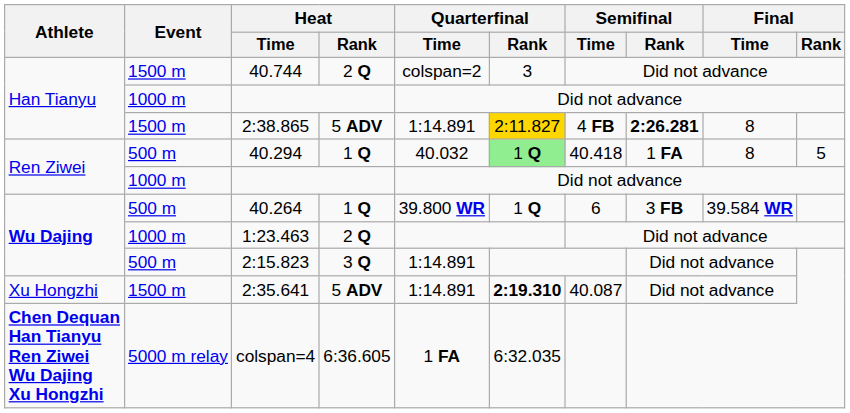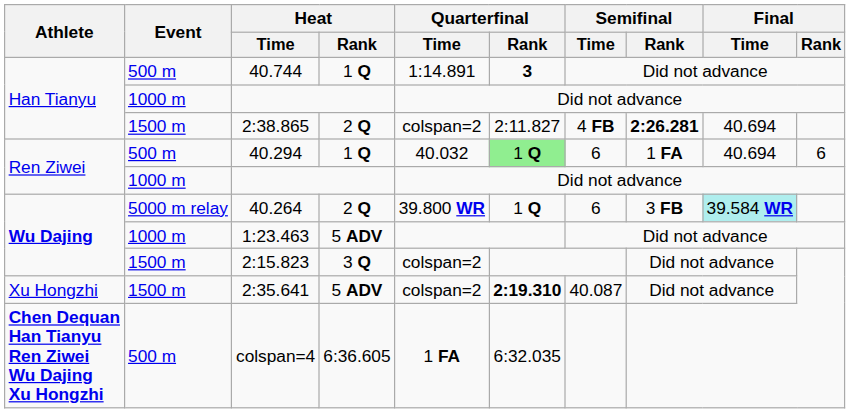 <table class="wikitable" style="font-size:90%">
 <tr>
 <th rowspan=2>Athlete</th>
 <th rowspan=2>Event</th>
 <th colspan=2>Heat</th>
 <th colspan=2>Quarterfinal</th>
 <th colspan=2>Semifinal</th>
 <th colspan=2>Final</th>
 </tr>
 <tr style="font-size:95%">
 <th>Time</th>
 <th>Rank</th>
 <th>Time</th>
 <th>Rank</th>
 <th>Time</th>
 <th>Rank</th>
 <th>Time</th>
 <th>Rank</th>
 </tr>
 <tr align=center>
 <td align=left rowspan=3><a href='#'>Han Tianyu</a></td>
-<td align=left><a href='#'>1500 m</a></td>
+<td align=left><a href='#'>500 m</a></td>
 <td>40.744</td>
-<td>2 <strong>Q</strong></td>
-<td>colspan=2 </td>
-<td>3</td>
+<td>1 <strong>Q</strong></td>
+<td>1:14.891</td>
+<td><strong>3</strong></td>
 <td colspan=4>Did not advance</td>
 </tr>
 <tr align=center>
 <td align=left><a href='#'>1000 m</a></td>
 <td colspan=2></td>
 <td colspan=6>Did not advance</td>
 </tr>
 <tr align=center>
 <td align=left><a href='#'>1500 m</a></td>
 <td>2:38.865</td>
-<td>5 <strong>ADV</strong></td>
-<td>1:14.891</td>
-<td style="background: gold;">2:11.827</td>
+<td>2 <strong>Q</strong></td>
+<td>colspan=2 </td>
+<td>2:11.827</td>
 <td>4 <strong>FB</strong></td>
 <td><strong>2:26.281</strong></td>
-<td>8</td>
+<td>40.694</td>
 </tr>
 <tr align=center>
 <td align=left rowspan=2><a href='#'>Ren Ziwei</a></td>
 <td align=left><a href='#'>500 m</a></td>
 <td>40.294</td>
 <td>1 <strong>Q</strong></td>
 <td>40.032 </td>
 <td style="background: lightgreen;">1 <strong>Q</strong></td>
-<td>40.418</td>
+<td>6</td>
 <td>1 <strong>FA</strong></td>
-<td>8</td>
-<td>5</td>
+<td>40.694</td>
+<td>6</td>
 </tr>
 <tr align=center>
 <td align=left><a href='#'>1000 m</a></td>
 <td colspan=2></td>
 <td colspan=6>Did not advance</td>
 </tr>
 <tr align=center>
 <td align=left rowspan=3><strong><a href='#'>Wu Dajing</a></strong></td>
-<td align=left><a href='#'>500 m</a></td>
+<td align=left><a href='#'>5000 m relay</a></td>
 <td>40.264 </td>
-<td>1 <strong>Q</strong></td>
+<td>2 <strong>Q</strong></td>
 <td>39.800 <strong><a href='#'>WR</a></strong></td>
 <td>1 <strong>Q</strong></td>
 <td>6</td>
 <td>3 <strong>FB</strong></td>
-<td>39.584 <strong><a href='#'>WR</a></strong></td>
+<td style="background: paleturquoise;">39.584 <strong><a href='#'>WR</a></strong></td>
 <td></td>
 </tr>
 <tr align=center>
 <td align=left><a href='#'>1000 m</a></td>
 <td>1:23.463</td>
-<td>2 <strong>Q</strong></td>
+<td>5 <strong>ADV</strong></td>
 <td colspan=2></td>
 <td colspan=4>Did not advance</td>
 </tr>
 <tr align=center>
-<td align=left><a href='#'>500 m</a></td>
+<td align=left><a href='#'>1500 m</a></td>
 <td>2:15.823</td>
 <td>3 <strong>Q</strong></td>
-<td>1:14.891</td>
+<td>colspan=2 </td>
 <td colspan=2></td>
 <td colspan=2>Did not advance</td>
 </tr>
 <tr align=center>
 <td align=left><a href='#'>Xu Hongzhi</a></td>
 <td align=left><a href='#'>1500 m</a></td>
 <td>2:35.641</td>
 <td>5 <strong>ADV</strong></td>
-<td>1:14.891</td>
+<td>colspan=2 </td>
 <td><strong>2:19.310</strong></td>
 <td>40.087</td>
 <td colspan=2>Did not advance</td>
 </tr>
 <tr align=center>
 <td align=left><strong><a href='#'>Chen Dequan</a><br><a href='#'>Han Tianyu</a><br><a href='#'>Ren Ziwei</a><br><a href='#'>Wu Dajing</a><br><a href='#'>Xu Hongzhi</a></strong></td>
-<td align=left><a href='#'>5000 m relay</a></td>
+<td align=left><a href='#'>500 m</a></td>
 <td>colspan=4 </td>
 <td>6:36.605 </td>
 <td>1 <strong>FA</strong></td>
 <td>6:32.035</td>
 <td></td>
 </tr>
 </table>
